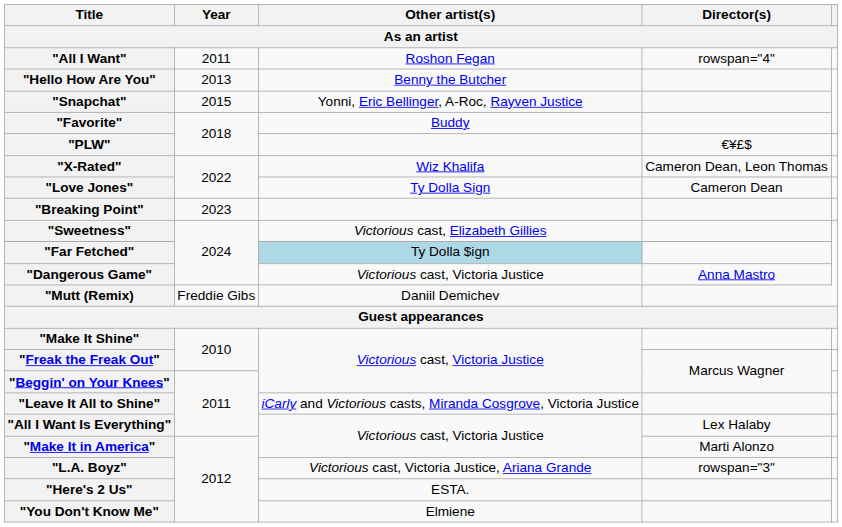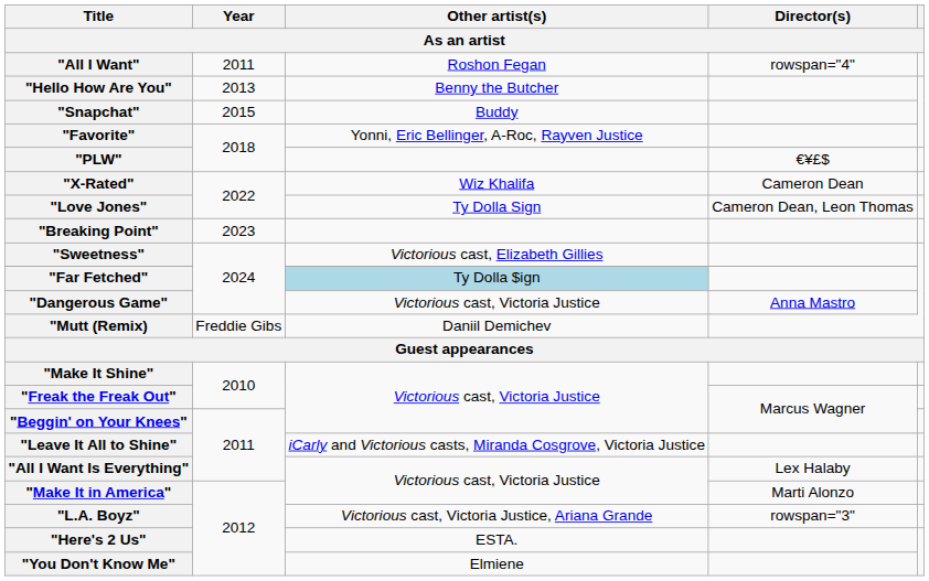 <table class="wikitable plainrowheaders" style="text-align:center;">
 <tr>
 <th scope="col">Title</th>
 <th scope="col">Year</th>
 <th scope="col">Other artist(s)</th>
 <th scope="col">Director(s)</th>
 <th scope="col"></th>
 </tr>
 <tr>
 <th scope="col" colspan="5">As an artist</th>
 </tr>
 <tr>
 <th scope="row">"All I Want"</th>
 <td>2011</td>
 <td><a href='#'>Roshon Fegan</a></td>
 <td>rowspan="4" </td>
 <td></td>
 </tr>
 <tr>
 <th scope="row">"Hello How Are You"</th>
 <td>2013</td>
 <td><a href='#'>Benny the Butcher</a></td>
 <td></td>
 </tr>
 <tr>
 <th scope="row">"Snapchat"</th>
 <td>2015</td>
-<td>Yonni, <a href='#'>Eric Bellinger</a>, A-Roc, <a href='#'>Rayven Justice</a></td>
+<td><a href='#'>Buddy</a></td>
 <td></td>
 </tr>
 <tr>
 <th scope="row">"Favorite"</th>
 <td rowspan="2">2018</td>
-<td><a href='#'>Buddy</a></td>
+<td>Yonni, <a href='#'>Eric Bellinger</a>, A-Roc, <a href='#'>Rayven Justice</a></td>
 <td></td>
 </tr>
 <tr>
 <th scope="row">"PLW"</th>
 <td></td>
 <td>€¥£$</td>
 <td></td>
 </tr>
 <tr>
 <th scope="row">"X-Rated"</th>
 <td rowspan="2">2022</td>
 <td><a href='#'>Wiz Khalifa</a></td>
-<td>Cameron Dean, Leon Thomas</td>
+<td>Cameron Dean</td>
 <td></td>
 </tr>
 <tr>
 <th scope="row">"Love Jones"</th>
 <td><a href='#'>Ty Dolla Sign</a></td>
-<td>Cameron Dean</td>
+<td>Cameron Dean, Leon Thomas</td>
 <td></td>
 </tr>
 <tr>
 <th scope="row">"Breaking Point"</th>
 <td>2023</td>
 <td></td>
 <td></td>
 <td></td>
 </tr>
 <tr>
 <th scope="row">"Sweetness"</th>
 <td rowspan="4">2024</td>
 <td><em>Victorious</em> cast, <a href='#'>Elizabeth Gillies</a></td>
 <td></td>
 </tr>
 <tr>
 </tr>
 <tr>
 <th scope="row">"Far Fetched"</th>
 <td style="background: lightblue;">Ty Dolla $ign</td>
 <td></td>
 </tr>
 <tr>
 <th scope="row">"Dangerous Game"</th>
 <td><em>Victorious</em> cast, Victoria Justice</td>
 <td><a href='#'>Anna Mastro</a></td>
 </tr>
 <tr>
 <th scope="row">"Mutt (Remix)</th>
 <td>Freddie Gibs</td>
 <td>Daniil Demichev</td>
 </tr>
 <tr>
 <th scope="col" colspan="5">Guest appearances</th>
 </tr>
 <tr>
 <th scope="row">"Make It Shine"</th>
 <td rowspan="2">2010</td>
 <td rowspan="3"><em><a href='#'>Victorious</a></em> cast, <a href='#'>Victoria Justice</a></td>
 <td></td>
 <td></td>
 </tr>
 <tr>
 <th scope="row">"<a href='#'>Freak the Freak Out</a>"</th>
 <td rowspan="2">Marcus Wagner</td>
 <td></td>
 </tr>
 <tr>
 <th scope="row">"<a href='#'>Beggin' on Your Knees</a>"</th>
 <td rowspan="3">2011</td>
 <td></td>
 </tr>
 <tr>
 <th scope="row">"Leave It All to Shine"</th>
 <td><em><a href='#'>iCarly</a></em> and <em>Victorious</em> casts, <a href='#'>Miranda Cosgrove</a>, Victoria Justice</td>
 <td></td>
 <td></td>
 </tr>
 <tr>
 <th scope="row">"All I Want Is Everything"</th>
 <td rowspan="2"><em>Victorious</em> cast, Victoria Justice</td>
 <td>Lex Halaby</td>
 <td></td>
 </tr>
 <tr>
 <th scope="row">"<a href='#'>Make It in America</a>"</th>
 <td rowspan="4">2012</td>
 <td>Marti Alonzo</td>
 <td></td>
 </tr>
 <tr>
 <th scope="row">"L.A. Boyz"</th>
 <td><em>Victorious</em> cast, Victoria Justice, <a href='#'>Ariana Grande</a></td>
 <td>rowspan="3" </td>
 <td></td>
 </tr>
 <tr>
 <th scope="row">"Here's 2 Us"</th>
 <td>ESTA.</td>
 <td></td>
 </tr>
 <tr>
 <th scope="row">"You Don't Know Me"</th>
 <td>Elmiene</td>
 <td></td>
 </tr>
 </table>
